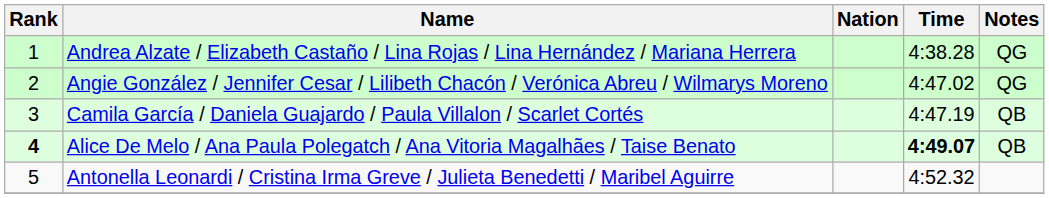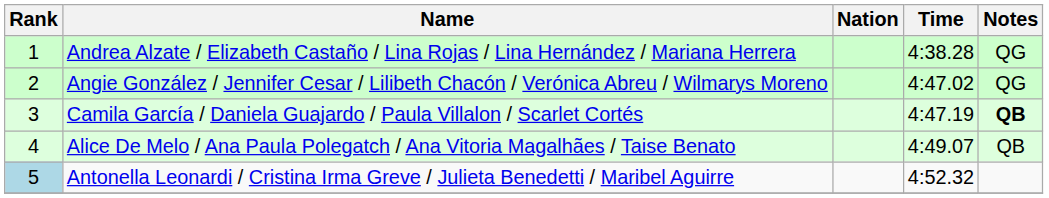 <table class="wikitable" style="text-align:center">
 <tr>
 <th>Rank</th>
 <th>Name</th>
 <th>Nation</th>
 <th>Time</th>
 <th>Notes</th>
 </tr>
 <tr bgcolor=ccffcc>
 <td>1</td>
 <td align=left><a href='#'>Andrea Alzate</a> / <a href='#'>Elizabeth Castaño</a> / <a href='#'>Lina Rojas</a> / <a href='#'>Lina Hernández</a> / <a href='#'>Mariana Herrera</a></td>
 <td align=left></td>
 <td>4:38.28</td>
 <td>QG</td>
 </tr>
 <tr bgcolor=ccffcc>
 <td>2</td>
 <td align=left><a href='#'>Angie González</a> / <a href='#'>Jennifer Cesar</a> / <a href='#'>Lilibeth Chacón</a> / <a href='#'>Verónica Abreu</a> / <a href='#'>Wilmarys Moreno</a></td>
 <td align=left></td>
 <td>4:47.02</td>
 <td>QG</td>
 </tr>
 <tr bgcolor=ddffdd>
 <td>3</td>
 <td align=left><a href='#'>Camila García</a> / <a href='#'>Daniela Guajardo</a> / <a href='#'>Paula Villalon</a> / <a href='#'>Scarlet Cortés</a></td>
 <td align=left></td>
 <td>4:47.19</td>
-<td>QB</td>
+<td><strong>QB</strong></td>
 </tr>
 <tr bgcolor=ddffdd>
-<td><strong>4</strong></td>
+<td>4</td>
 <td align=left><a href='#'>Alice De Melo</a> / <a href='#'>Ana Paula Polegatch</a> / <a href='#'>Ana Vitoria Magalhães</a> / <a href='#'>Taise Benato</a></td>
 <td align=left></td>
-<td><strong>4:49.07</strong></td>
+<td>4:49.07</td>
 <td>QB</td>
 </tr>
 <tr>
-<td>5</td>
+<td style="background: lightblue;">5</td>
 <td align=left><a href='#'>Antonella Leonardi</a> / <a href='#'>Cristina Irma Greve</a> / <a href='#'>Julieta Benedetti</a> / <a href='#'>Maribel Aguirre</a></td>
 <td align=left></td>
 <td>4:52.32</td>
 <td></td>
 </tr>
 <tr>
 </tr>
 </table>
